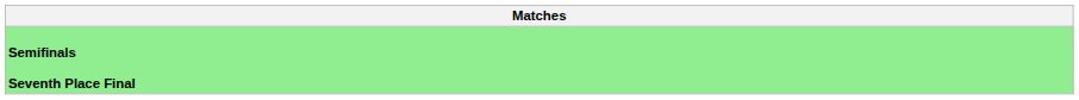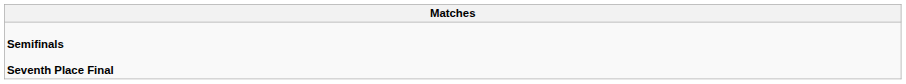 <table class="wikitable collapsible collapsed" style="width:100%;">
 <tr>
 <th>Matches</th>
 </tr>
 <tr>
-<td style="background: lightgreen;"><br><strong>Semifinals</strong> <br><br><strong>Seventh Place</strong>  <strong>Final</strong> </td>
+<td><br><strong>Semifinals</strong> <br><br><strong>Seventh Place</strong>  <strong>Final</strong> </td>
 </tr>
 </table>
